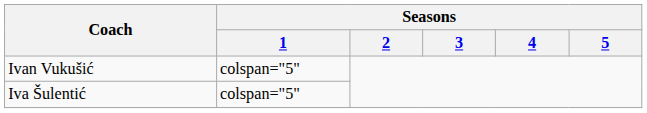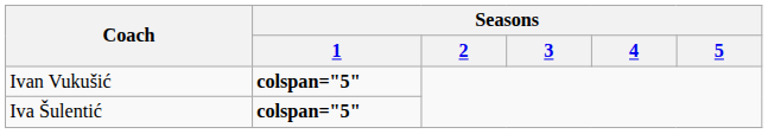 <table class="wikitable" width="50%">
 <tr>
 <th rowspan="2" width="130">Coach</th>
 <th colspan="5">Seasons</th>
 </tr>
 <tr>
 <th width="40"><a href='#'>1</a></th>
 <th width="40"><a href='#'>2</a></th>
 <th width="40"><a href='#'>3</a></th>
 <th width="40"><a href='#'>4</a></th>
 <th width="40"><a href='#'>5</a></th>
 </tr>
 <tr>
 <td>Ivan Vukušić</td>
-<td>colspan="5" </td>
+<td><strong>colspan="5" </strong></td>
 </tr>
 <tr>
 <td>Iva Šulentić</td>
-<td>colspan="5" </td>
+<td><strong>colspan="5" </strong></td>
 </tr>
 <tr>
 </tr>
 </table>
